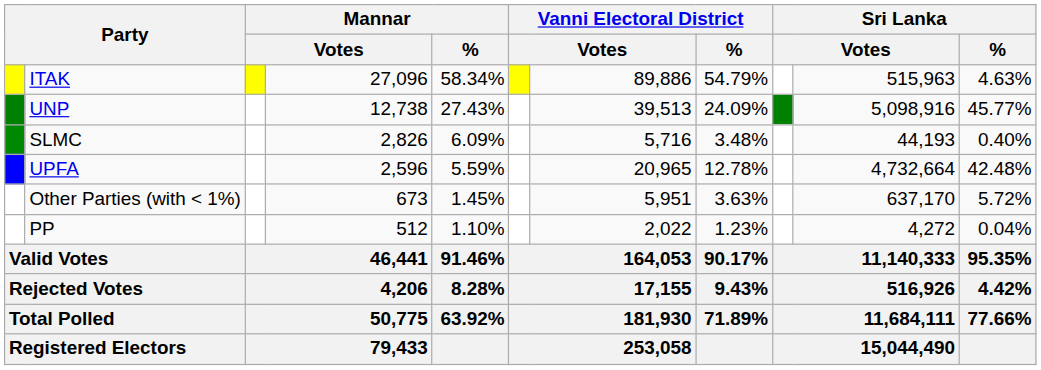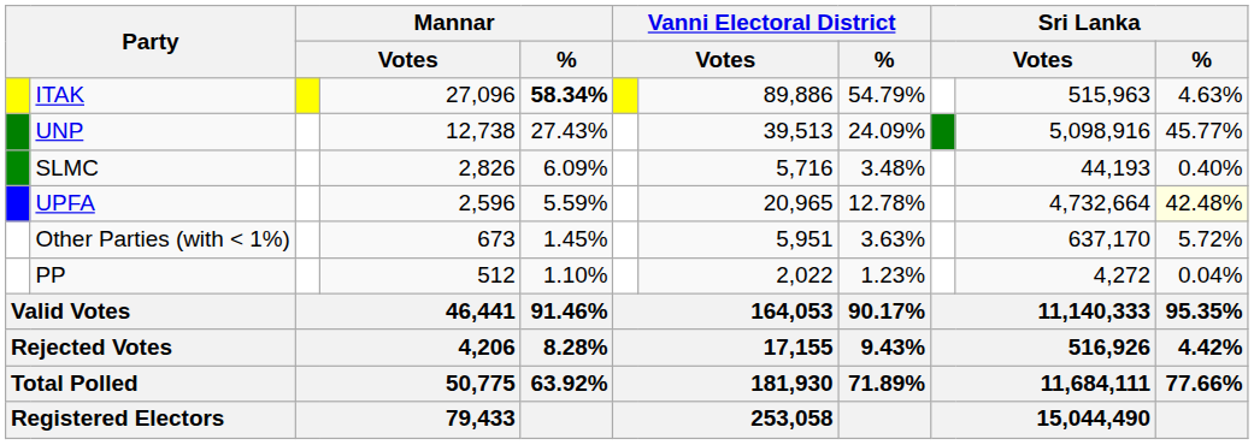 <table class="wikitable">
 <tr>
 <th colspan="2" width="144px"rowspan="2">Party</th>
 <th colspan="3" width="216px">Mannar</th>
 <th colspan="3" width="216px"><a href='#'>Vanni Electoral District</a></th>
 <th colspan="3" width="216px">Sri Lanka</th>
 </tr>
 <tr>
 <th colspan="2" width="144px">Votes</th>
 <th>%</th>
 <th colspan="2" width="144px">Votes</th>
 <th>%</th>
 <th colspan="2" width="144px">Votes</th>
 <th>%</th>
 </tr>
 <tr>
 <td style="background-color:yellow;" width="10px"></td>
 <td style="text-align:left;"><a href='#'>ITAK</a></td>
 <td style="background-color:yellow;" width="10px"></td>
 <td style="text-align:right;">27,096</td>
-<td style="text-align:right;">58.34%</td>
+<td style="text-align:right;"><strong>58.34%</strong></td>
 <td style="background-color:yellow;" width="10px"></td>
 <td style="text-align:right;">89,886</td>
 <td style="text-align:right;">54.79%</td>
 <td style="background-color:white;" width="10px"></td>
 <td style="text-align:right;">515,963</td>
 <td style="text-align:right;">4.63%</td>
 </tr>
 <tr>
 <td style="background-color:green;" width="10px"></td>
 <td style="text-align:left;"><a href='#'>UNP</a></td>
 <td style="background-color:white;" width="10px"></td>
 <td style="text-align:right;">12,738</td>
 <td style="text-align:right;">27.43%</td>
 <td style="background-color:white;" width="10px"></td>
 <td style="text-align:right;">39,513</td>
 <td style="text-align:right;">24.09%</td>
 <td style="background-color:green;" width="10px"></td>
 <td style="text-align:right;">5,098,916</td>
 <td style="text-align:right;">45.77%</td>
 </tr>
 <tr>
 <td style="background-color:#008800;" width="10px"></td>
 <td style="text-align:left;">SLMC</td>
 <td style="background-color:white;" width="10px"></td>
 <td style="text-align:right;">2,826</td>
 <td style="text-align:right;">6.09%</td>
 <td style="background-color:white;" width="10px"></td>
 <td style="text-align:right;">5,716</td>
 <td style="text-align:right;">3.48%</td>
 <td style="background-color:white;" width="10px"></td>
 <td style="text-align:right;">44,193</td>
 <td style="text-align:right;">0.40%</td>
 </tr>
 <tr>
 <td style="background-color:blue;" width="10px"></td>
 <td style="text-align:left;"><a href='#'>UPFA</a></td>
 <td style="background-color:white;" width="10px"></td>
 <td style="text-align:right;">2,596</td>
 <td style="text-align:right;">5.59%</td>
 <td style="background-color:white;" width="10px"></td>
 <td style="text-align:right;">20,965</td>
 <td style="text-align:right;">12.78%</td>
 <td style="background-color:white;" width="10px"></td>
 <td style="text-align:right;">4,732,664</td>
-<td style="text-align:right;">42.48%</td>
+<td style="background: lightyellow; text-align:right;">42.48%</td>
 </tr>
 <tr>
 <td style="background-color:white;" width="10px"></td>
 <td style="text-align:left;">Other Parties (with < 1%)</td>
 <td style="background-color:white;" width="10px"></td>
 <td style="text-align:right;">673</td>
 <td style="text-align:right;">1.45%</td>
 <td style="background-color:white;" width="10px"></td>
 <td style="text-align:right;">5,951</td>
 <td style="text-align:right;">3.63%</td>
 <td style="background-color:white;" width="10px"></td>
 <td style="text-align:right;">637,170</td>
 <td style="text-align:right;">5.72%</td>
 </tr>
 <tr>
 <td style="background-color:white;" width="10px"></td>
 <td style="text-align:left;">PP</td>
 <td style="background-color:white;" width="10px"></td>
 <td style="text-align:right;">512</td>
 <td style="text-align:right;">1.10%</td>
 <td style="background-color:white;" width="10px"></td>
 <td style="text-align:right;">2,022</td>
 <td style="text-align:right;">1.23%</td>
 <td style="background-color:white;" width="10px"></td>
 <td style="text-align:right;">4,272</td>
 <td style="text-align:right;">0.04%</td>
 </tr>
 <tr>
 <th colspan="2" width="144px"style="text-align:left;">Valid Votes</th>
 <th style="text-align:right;"colspan="2" width="144px">46,441</th>
 <th style="text-align:right;">91.46%</th>
 <th style="text-align:right;"colspan="2" width="144px">164,053</th>
 <th style="text-align:right;">90.17%</th>
 <th style="text-align:right;"colspan="2" width="144px">11,140,333</th>
 <th style="text-align:right;">95.35%</th>
 </tr>
 <tr>
 <th colspan="2" width="144px"style="text-align:left;">Rejected Votes</th>
 <th style="text-align:right;"colspan="2" width="144px">4,206</th>
 <th style="text-align:right;">8.28%</th>
 <th style="text-align:right;"colspan="2" width="144px">17,155</th>
 <th style="text-align:right;">9.43%</th>
 <th style="text-align:right;"colspan="2" width="144px">516,926</th>
 <th style="text-align:right;">4.42%</th>
 </tr>
 <tr>
 <th colspan="2" width="144px"style="text-align:left;">Total Polled</th>
 <th style="text-align:right;"colspan="2" width="144px">50,775</th>
 <th style="text-align:right;">63.92%</th>
 <th style="text-align:right;"colspan="2" width="144px">181,930</th>
 <th style="text-align:right;">71.89%</th>
 <th style="text-align:right;"colspan="2" width="144px">11,684,111</th>
 <th style="text-align:right;">77.66%</th>
 </tr>
 <tr>
 <th colspan="2" width="144px"style="text-align:left;">Registered Electors</th>
 <th style="text-align:right;"colspan="2" width="144px">79,433</th>
 <th></th>
 <th style="text-align:right;"colspan="2" width="144px">253,058</th>
 <th></th>
 <th style="text-align:right;"colspan="2" width="144px">15,044,490</th>
 <th></th>
 </tr>
 </table>
